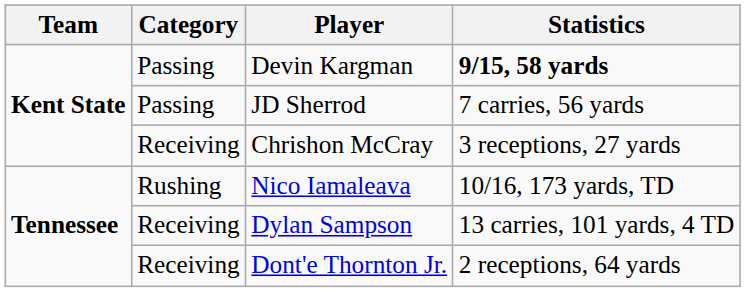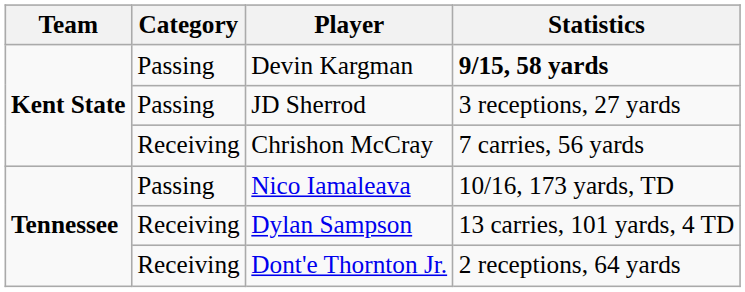 <table class="wikitable" style="float: right;">
 <tr>
 <th>Team</th>
 <th>Category</th>
 <th>Player</th>
 <th>Statistics</th>
 </tr>
 <tr>
 <td rowspan=3><strong>Kent State</strong></td>
 <td>Passing</td>
 <td>Devin Kargman</td>
 <td><strong>9/15, 58 yards</strong></td>
 </tr>
 <tr>
 <td>Passing</td>
 <td>JD Sherrod</td>
-<td>7 carries, 56 yards</td>
+<td>3 receptions, 27 yards</td>
 </tr>
 <tr>
 <td>Receiving</td>
 <td>Chrishon McCray</td>
-<td>3 receptions, 27 yards</td>
+<td>7 carries, 56 yards</td>
 </tr>
 <tr>
 <td rowspan=3><strong>Tennessee</strong></td>
-<td>Rushing</td>
+<td>Passing</td>
 <td><a href='#'>Nico Iamaleava</a></td>
 <td>10/16, 173 yards, TD</td>
 </tr>
 <tr>
 <td>Receiving</td>
 <td><a href='#'>Dylan Sampson</a></td>
 <td>13 carries, 101 yards, 4 TD</td>
 </tr>
 <tr>
 <td>Receiving</td>
 <td><a href='#'>Dont'e Thornton Jr.</a></td>
 <td>2 receptions, 64 yards</td>
 </tr>
 </table>
